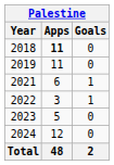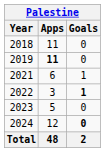 <table class="wikitable" style="text-align:center">
 <tr>
 <th colspan=3><a href='#'>Palestine</a></th>
 </tr>
 <tr>
 <th>Year</th>
 <th>Apps</th>
 <th>Goals</th>
 </tr>
 <tr>
 <td>2018</td>
-<td><strong>11</strong></td>
+<td>11</td>
 <td>0</td>
 </tr>
 <tr>
 <td>2019</td>
-<td>11</td>
+<td><strong>11</strong></td>
 <td>0</td>
 </tr>
 <tr>
 <td>2021</td>
 <td>6</td>
 <td>1</td>
 </tr>
 <tr>
 <td>2022</td>
 <td>3</td>
-<td>1</td>
+<td><strong>1</strong></td>
 </tr>
 <tr>
 <td>2023</td>
 <td>5</td>
 <td>0</td>
 </tr>
 <tr>
 <td>2024</td>
 <td>12</td>
-<td>0</td>
+<td><strong>0</strong></td>
 </tr>
 <tr>
 <th>Total</th>
 <th>48</th>
 <th>2</th>
 </tr>
 </table>
